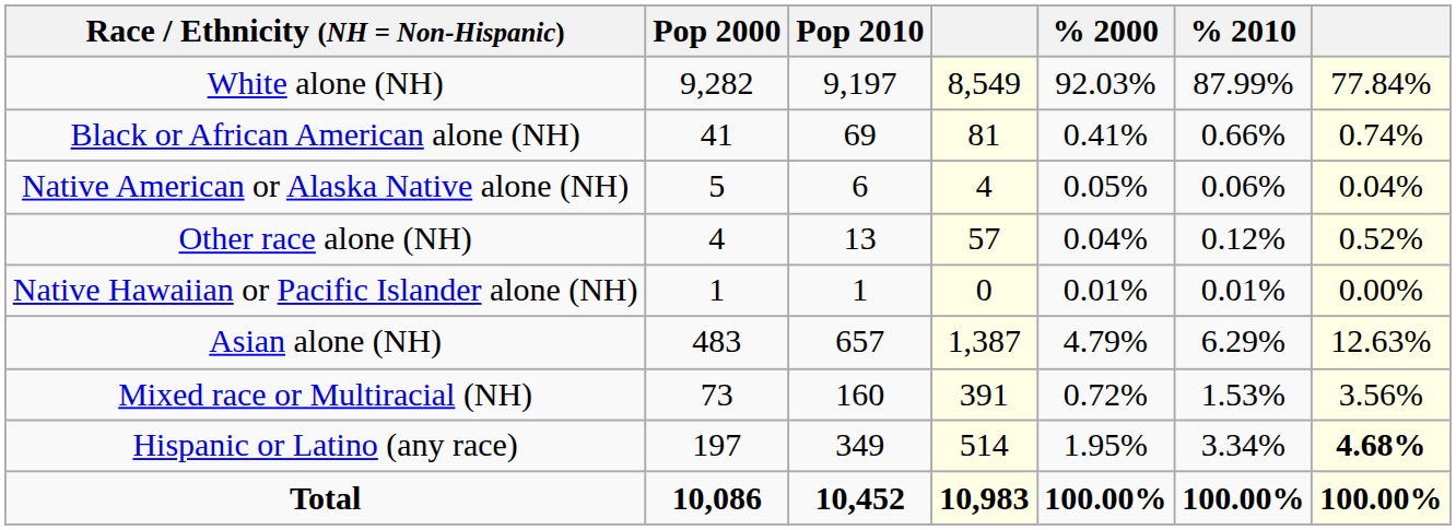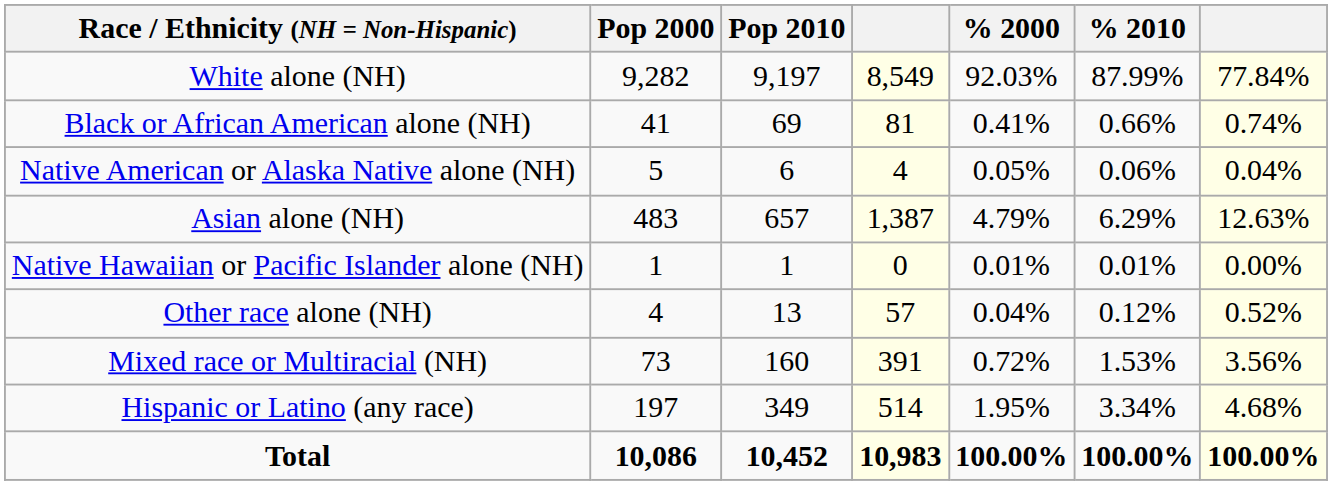 <table class="wikitable" style="text-align:center;">
 <tr>
 <th>Race / Ethnicity <small>(<em>NH = Non-Hispanic</em>)</small></th>
 <th>Pop 2000</th>
 <th>Pop 2010</th>
 <th></th>
 <th>% 2000</th>
 <th>% 2010</th>
 <th></th>
 </tr>
 <tr>
 <td><a href='#'>White</a> alone (NH)</td>
 <td>9,282</td>
 <td>9,197</td>
 <td style='background: #ffffe6;'>8,549</td>
 <td>92.03%</td>
 <td>87.99%</td>
 <td style='background: #ffffe6;'>77.84%</td>
 </tr>
 <tr>
 <td><a href='#'>Black or African American</a> alone (NH)</td>
 <td>41</td>
 <td>69</td>
 <td style='background: #ffffe6;'>81</td>
 <td>0.41%</td>
 <td>0.66%</td>
 <td style='background: #ffffe6;'>0.74%</td>
 </tr>
 <tr>
 <td><a href='#'>Native American</a> or <a href='#'>Alaska Native</a> alone (NH)</td>
 <td>5</td>
 <td>6</td>
 <td style='background: #ffffe6;'>4</td>
 <td>0.05%</td>
 <td>0.06%</td>
 <td style='background: #ffffe6;'>0.04%</td>
 </tr>
 <tr>
-<td><a href='#'>Other race</a> alone (NH)</td>
-<td>4</td>
-<td>13</td>
-<td style='background: #ffffe6;'>57</td>
-<td>0.04%</td>
-<td>0.12%</td>
-<td style='background: #ffffe6;'>0.52%</td>
+<td><a href='#'>Asian</a> alone (NH)</td>
+<td>483</td>
+<td>657</td>
+<td style='background: #ffffe6;'>1,387</td>
+<td>4.79%</td>
+<td>6.29%</td>
+<td style='background: #ffffe6;'>12.63%</td>
 </tr>
 <tr>
 <td><a href='#'>Native Hawaiian</a> or <a href='#'>Pacific Islander</a> alone (NH)</td>
 <td>1</td>
 <td>1</td>
 <td style='background: #ffffe6;'>0</td>
 <td>0.01%</td>
 <td>0.01%</td>
 <td style='background: #ffffe6;'>0.00%</td>
 </tr>
 <tr>
-<td><a href='#'>Asian</a> alone (NH)</td>
-<td>483</td>
-<td>657</td>
-<td style='background: #ffffe6;'>1,387</td>
-<td>4.79%</td>
-<td>6.29%</td>
-<td style='background: #ffffe6;'>12.63%</td>
+<td><a href='#'>Other race</a> alone (NH)</td>
+<td>4</td>
+<td>13</td>
+<td style='background: #ffffe6;'>57</td>
+<td>0.04%</td>
+<td>0.12%</td>
+<td style='background: #ffffe6;'>0.52%</td>
 </tr>
 <tr>
 <td><a href='#'>Mixed race or Multiracial</a> (NH)</td>
 <td>73</td>
 <td>160</td>
 <td style='background: #ffffe6;'>391</td>
 <td>0.72%</td>
 <td>1.53%</td>
 <td style='background: #ffffe6;'>3.56%</td>
 </tr>
 <tr>
 <td><a href='#'>Hispanic or Latino</a> (any race)</td>
 <td>197</td>
 <td>349</td>
 <td style='background: #ffffe6;'>514</td>
 <td>1.95%</td>
 <td>3.34%</td>
-<td style='background: #ffffe6;'><strong>4.68%</strong></td>
+<td style='background: #ffffe6;'>4.68%</td>
 </tr>
 <tr>
 <td><strong>Total</strong></td>
 <td><strong>10,086</strong></td>
 <td><strong>10,452</strong></td>
 <td style='background: #ffffe6;'><strong>10,983</strong></td>
 <td><strong>100.00%</strong></td>
 <td><strong>100.00%</strong></td>
 <td style='background: #ffffe6;'><strong>100.00%</strong></td>
 </tr>
 </table>
